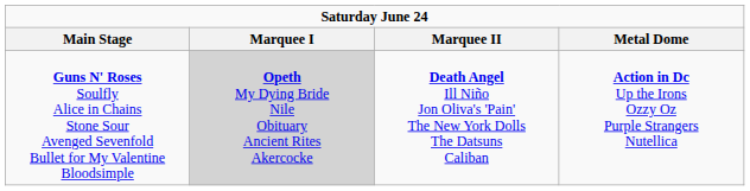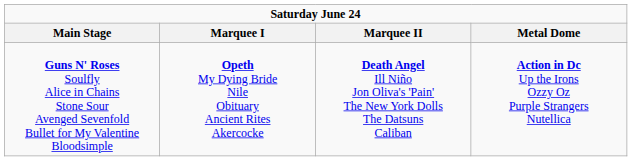 <table class="wikitable">
 <tr>
 <td colspan="4" style="text-align:center;"><strong>Saturday June 24</strong></td>
 </tr>
 <tr>
 <th>Main Stage</th>
 <th>Marquee I</th>
 <th>Marquee II</th>
 <th>Metal Dome</th>
 </tr>
 <tr>
 <td style="text-align:center; vertical-align:top; width:200px;"><br><strong><a href='#'>Guns N' Roses</a></strong> <br> <a href='#'>Soulfly</a> <br> <a href='#'>Alice in Chains</a> <br> <a href='#'>Stone Sour</a> <br> <a href='#'>Avenged Sevenfold</a> <br> <a href='#'>Bullet for My Valentine</a> <br> <a href='#'>Bloodsimple</a></td>
-<td style="background: lightgrey; text-align:center; vertical-align:top; width:200px;"><br><strong><a href='#'>Opeth</a></strong> <br> <a href='#'>My Dying Bride</a> <br> <a href='#'>Nile</a> <br> <a href='#'>Obituary</a> <br> <a href='#'>Ancient Rites</a> <br> <a href='#'>Akercocke</a></td>
+<td style="text-align:center; vertical-align:top; width:200px;"><br><strong><a href='#'>Opeth</a></strong> <br> <a href='#'>My Dying Bride</a> <br> <a href='#'>Nile</a> <br> <a href='#'>Obituary</a> <br> <a href='#'>Ancient Rites</a> <br> <a href='#'>Akercocke</a></td>
 <td style="text-align:center; vertical-align:top; width:200px;"><br><strong><a href='#'>Death Angel</a></strong> <br> <a href='#'>Ill Niño</a> <br> <a href='#'>Jon Oliva's 'Pain'</a> <br> <a href='#'>The New York Dolls</a> <br> <a href='#'>The Datsuns</a> <br> <a href='#'>Caliban</a></td>
 <td style="text-align:center; vertical-align:top; width:200px;"><br><strong><a href='#'>Action in Dc</a></strong> <br> <a href='#'>Up the Irons</a> <br> <a href='#'>Ozzy Oz</a> <br><a href='#'>Purple Strangers</a> <br><a href='#'>Nutellica</a></td>
 </tr>
 </table>
